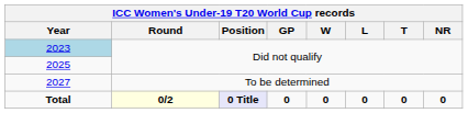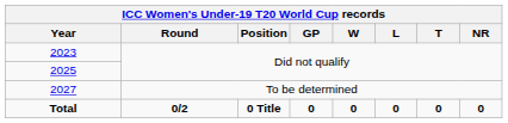 <table class="wikitable" style="text-align: center; width=900px;">
 <tr>
 <th colspan=9><a href='#'>ICC Women's Under-19 T20 World Cup</a> records</th>
 </tr>
 <tr>
 <th width=150>Year</th>
 <th width=150>Round</th>
 <th width=50>Position</th>
 <th width=50>GP</th>
 <th width=50>W</th>
 <th width=50>L</th>
 <th width=50>T</th>
 <th width=50>NR</th>
 </tr>
 <tr>
-<td style="background: lightblue;"> <a href='#'>2023</a></td>
+<td> <a href='#'>2023</a></td>
 <td colspan=8 rowspan=2>Did not qualify</td>
 </tr>
 <tr>
 <td> <a href='#'>2025</a></td>
 </tr>
 <tr>
 <td> <a href='#'>2027</a></td>
 <td colspan="8">To be determined</td>
 </tr>
 <tr>
 <td><strong>Total</strong></td>
-<td style="background: lightyellow;"><strong>0/2</strong></td>
-<td style="background: lavender;"><strong>0 Title</strong></td>
+<td><strong>0/2</strong></td>
+<td><strong>0 Title</strong></td>
 <td><strong>0</strong></td>
 <td><strong>0</strong></td>
 <td><strong>0</strong></td>
 <td><strong>0</strong></td>
 <td><strong>0</strong></td>
 </tr>
 </table>
